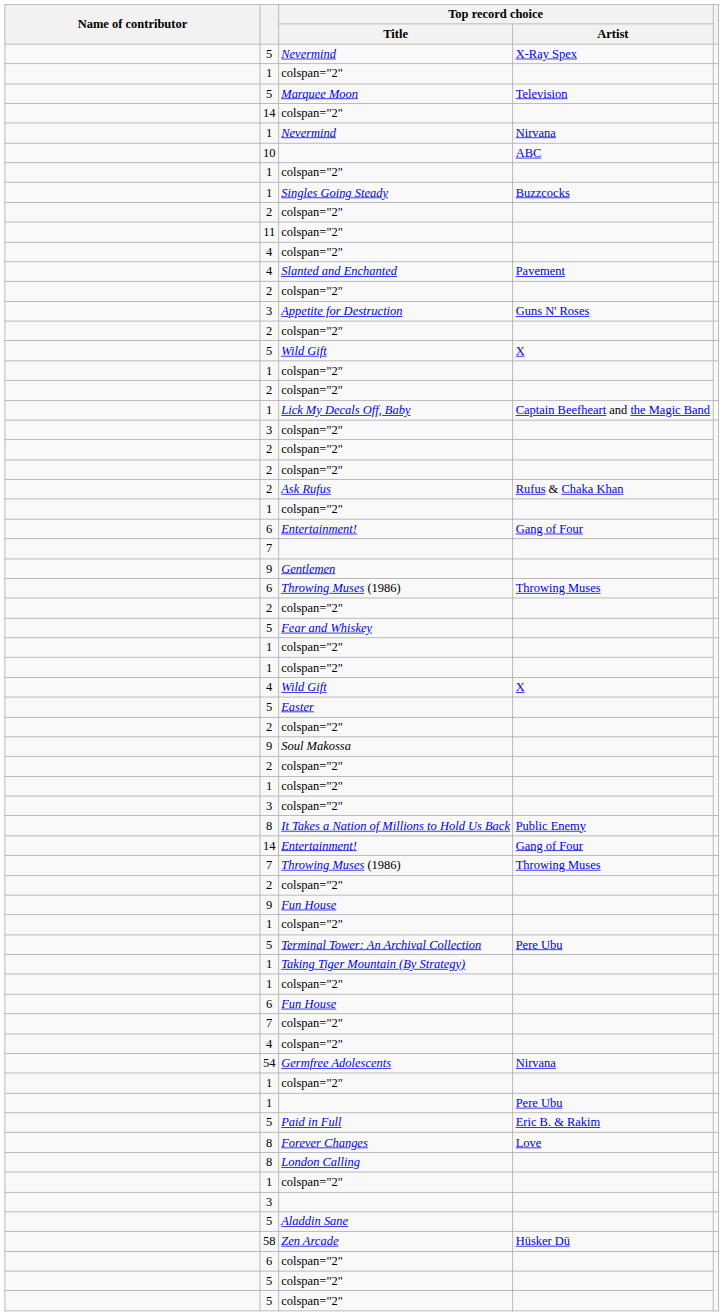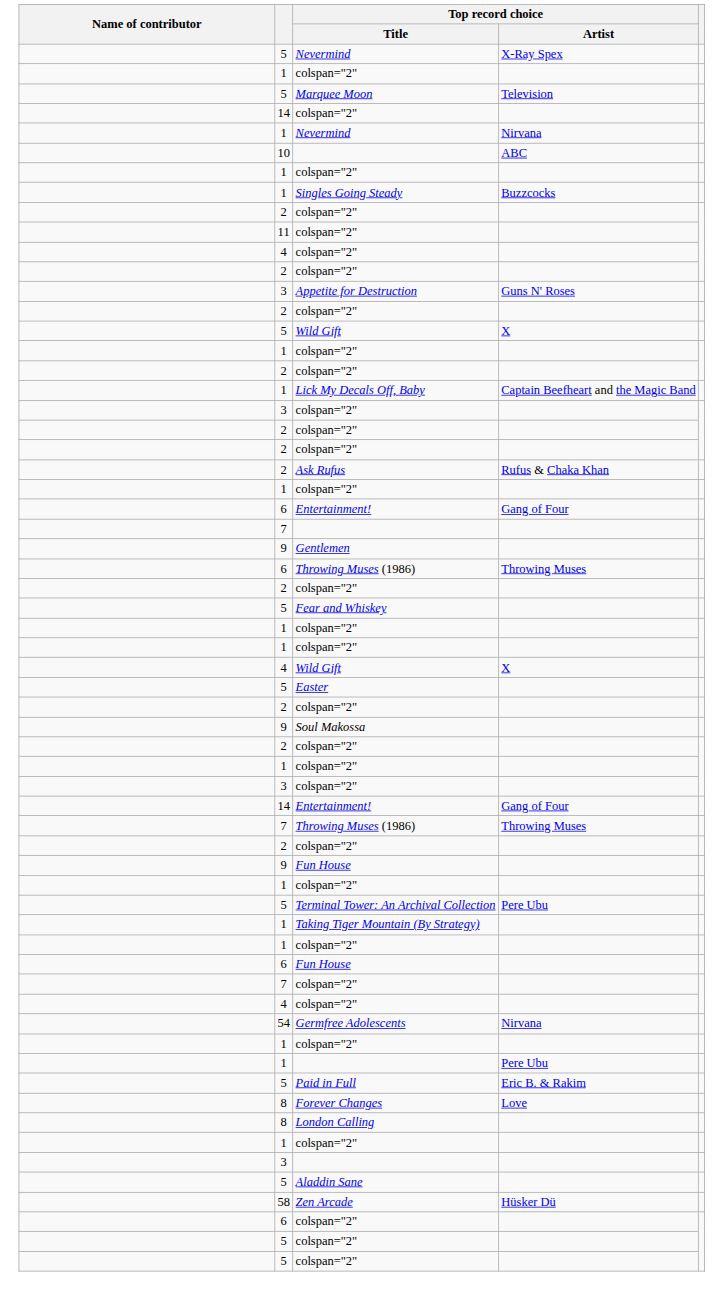 <table class="wikitable sortable mw-collapsible" style="border-spacing: 0; margin: 1em auto;">
 <tr>
 <th scope="col" rowspan="2" style="width:20em;">Name of contributor</th>
 <th scope="col" rowspan="2"></th>
 <th scope="col" class="unsortable" colspan="2">Top record choice</th>
 <th scope="col" class="unsortable" rowspan="2"></th>
 </tr>
 <tr>
 <th scope="col">Title</th>
 <th scope="col">Artist</th>
 </tr>
 <tr>
 <td></td>
 <td align="center">5</td>
 <td><em><a href='#'>Nevermind</a></em></td>
 <td><a href='#'>X-Ray Spex</a></td>
 <td align="center"></td>
 </tr>
 <tr>
 <td></td>
 <td align="center">1</td>
 <td>colspan="2" </td>
 <td align="center"></td>
 </tr>
 <tr>
 <td></td>
 <td align="center">5</td>
 <td><em><a href='#'>Marquee Moon</a></em></td>
 <td><a href='#'>Television</a></td>
 <td align="center"></td>
 </tr>
 <tr>
 <td></td>
 <td align="center">14</td>
 <td>colspan="2" </td>
 <td align="center"></td>
 </tr>
 <tr>
 <td></td>
 <td align="center">1</td>
 <td><em><a href='#'>Nevermind</a></em></td>
 <td><a href='#'>Nirvana</a></td>
 <td align="center"></td>
 </tr>
 <tr>
 <td></td>
 <td align="center">10</td>
 <td><em></em></td>
 <td><a href='#'>ABC</a></td>
 <td align="center"></td>
 </tr>
 <tr>
 <td></td>
 <td align="center">1</td>
 <td>colspan="2" </td>
 <td align="center"></td>
 </tr>
 <tr>
 <td></td>
 <td align="center">1</td>
 <td><em><a href='#'>Singles Going Steady</a></em></td>
 <td><a href='#'>Buzzcocks</a></td>
 <td align="center"></td>
 </tr>
 <tr>
 <td></td>
 <td align="center">2</td>
 <td>colspan="2" </td>
 <td align="center"></td>
 </tr>
 <tr>
 <td></td>
 <td align="center">11</td>
 <td>colspan="2" </td>
 <td align="center"></td>
 </tr>
 <tr>
 <td></td>
 <td align="center">4</td>
 <td>colspan="2" </td>
-<td align="center"></td>
-</tr>
-<tr>
-<td></td>
-<td align="center">4</td>
-<td><em><a href='#'>Slanted and Enchanted</a></em></td>
-<td><a href='#'>Pavement</a></td>
 <td align="center"></td>
 </tr>
 <tr>
 <td></td>
 <td align="center">2</td>
 <td>colspan="2" </td>
 <td align="center"></td>
 </tr>
 <tr>
 <td></td>
 <td align="center">3</td>
 <td><em><a href='#'>Appetite for Destruction</a></em></td>
 <td><a href='#'>Guns N' Roses</a></td>
 <td align="center"></td>
 </tr>
 <tr>
 <td></td>
 <td align="center">2</td>
 <td>colspan="2" </td>
 <td align="center"></td>
 </tr>
 <tr>
 <td></td>
 <td align="center">5</td>
 <td><em><a href='#'>Wild Gift</a></em></td>
 <td><a href='#'>X</a></td>
 <td align="center"></td>
 </tr>
 <tr>
 <td></td>
 <td align="center">1</td>
 <td>colspan="2" </td>
 <td align="center"></td>
 </tr>
 <tr>
 <td></td>
 <td align="center">2</td>
 <td>colspan="2" </td>
 <td align="center"></td>
 </tr>
 <tr>
 <td></td>
 <td align="center">1</td>
 <td><em><a href='#'>Lick My Decals Off, Baby</a></em></td>
 <td><a href='#'>Captain Beefheart</a> and <a href='#'>the Magic Band</a></td>
 <td align="center"></td>
 </tr>
 <tr>
 <td></td>
 <td align="center">3</td>
 <td>colspan="2" </td>
 <td align="center"></td>
 </tr>
 <tr>
 <td></td>
 <td align="center">2</td>
 <td>colspan="2" </td>
 <td align="center"></td>
 </tr>
 <tr>
 <td></td>
 <td align="center">2</td>
 <td>colspan="2" </td>
 <td align="center"></td>
 </tr>
 <tr>
 <td></td>
 <td align="center">2</td>
 <td><em><a href='#'>Ask Rufus</a></em></td>
 <td><a href='#'>Rufus</a> & <a href='#'>Chaka Khan</a></td>
 <td align="center"></td>
 </tr>
 <tr>
 <td></td>
 <td align="center">1</td>
 <td>colspan="2" </td>
 <td align="center"></td>
 </tr>
 <tr>
 <td></td>
 <td align="center">6</td>
 <td><em><a href='#'>Entertainment!</a></em></td>
 <td><a href='#'>Gang of Four</a></td>
 <td align="center"></td>
 </tr>
 <tr>
 <td></td>
 <td align="center">7</td>
 <td><em></em></td>
 <td></td>
 <td align="center"></td>
 </tr>
 <tr>
 <td></td>
 <td align="center">9</td>
 <td><em><a href='#'>Gentlemen</a></em></td>
 <td></td>
 <td align="center"></td>
 </tr>
 <tr>
 <td></td>
 <td align="center">6</td>
 <td><em><a href='#'>Throwing Muses</a></em> (1986)</td>
 <td><a href='#'>Throwing Muses</a></td>
 <td align="center"></td>
 </tr>
 <tr>
 <td></td>
 <td align="center">2</td>
 <td>colspan="2" </td>
 <td align="center"></td>
 </tr>
 <tr>
 <td></td>
 <td align="center">5</td>
 <td><em><a href='#'>Fear and Whiskey</a></em></td>
 <td></td>
 <td align="center"></td>
 </tr>
 <tr>
 <td></td>
 <td align="center">1</td>
 <td>colspan="2" </td>
 <td align="center"></td>
 </tr>
 <tr>
 <td></td>
 <td align="center">1</td>
 <td>colspan="2" </td>
 <td align="center"></td>
 </tr>
 <tr>
 <td></td>
 <td align="center">4</td>
 <td><em><a href='#'>Wild Gift</a></em></td>
 <td><a href='#'>X</a></td>
 <td align="center"></td>
 </tr>
 <tr>
 <td></td>
 <td align="center">5</td>
 <td><em><a href='#'>Easter</a></em></td>
 <td></td>
 <td align="center"></td>
 </tr>
 <tr>
 <td></td>
 <td align="center">2</td>
 <td>colspan="2" </td>
 <td align="center"></td>
 </tr>
 <tr>
 <td></td>
 <td align="center">9</td>
 <td><em>Soul Makossa</em></td>
 <td></td>
 <td align="center"></td>
 </tr>
 <tr>
 <td></td>
 <td align="center">2</td>
 <td>colspan="2" </td>
 <td align="center"></td>
 </tr>
 <tr>
 <td></td>
 <td align="center">1</td>
 <td>colspan="2" </td>
 <td align="center"></td>
 </tr>
 <tr>
 <td></td>
 <td align="center">3</td>
 <td>colspan="2" </td>
 <td align="center"></td>
 </tr>
 <tr>
 <td></td>
-<td align="center">8</td>
-<td><em><a href='#'>It Takes a Nation of Millions to Hold Us Back</a></em></td>
-<td><a href='#'>Public Enemy</a></td>
-<td align="center"></td>
-</tr>
-<tr>
-<td></td>
 <td align="center">14</td>
 <td><em><a href='#'>Entertainment!</a></em></td>
 <td><a href='#'>Gang of Four</a></td>
 <td align="center"></td>
 </tr>
 <tr>
 <td></td>
 <td align="center">7</td>
 <td><em><a href='#'>Throwing Muses</a></em> (1986)</td>
 <td><a href='#'>Throwing Muses</a></td>
 <td align="center"></td>
 </tr>
 <tr>
 <td></td>
 <td align="center">2</td>
 <td>colspan="2" </td>
 <td align="center"></td>
 </tr>
 <tr>
 <td></td>
 <td align="center">9</td>
 <td><em><a href='#'>Fun House</a></em></td>
 <td></td>
 <td align="center"></td>
 </tr>
 <tr>
 <td></td>
 <td align="center">1</td>
 <td>colspan="2" </td>
 <td align="center"></td>
 </tr>
 <tr>
 <td></td>
 <td align="center">5</td>
 <td><em><a href='#'>Terminal Tower: An Archival Collection</a></em></td>
 <td><a href='#'>Pere Ubu</a></td>
 <td align="center"></td>
 </tr>
 <tr>
 <td></td>
 <td align="center">1</td>
 <td><em><a href='#'>Taking Tiger Mountain (By Strategy)</a></em></td>
 <td></td>
 <td align="center"></td>
 </tr>
 <tr>
 <td></td>
 <td align="center">1</td>
 <td>colspan="2" </td>
 <td align="center"></td>
 </tr>
 <tr>
 <td></td>
 <td align="center">6</td>
 <td><em><a href='#'>Fun House</a></em></td>
 <td></td>
 <td align="center"></td>
 </tr>
 <tr>
 <td></td>
 <td align="center">7</td>
 <td>colspan="2" </td>
 <td align="center"></td>
 </tr>
 <tr>
 <td></td>
 <td align="center">4</td>
 <td>colspan="2" </td>
 <td align="center"></td>
 </tr>
 <tr>
 <td></td>
 <td align="center">54</td>
 <td><em><a href='#'>Germfree Adolescents</a></em></td>
 <td><a href='#'>Nirvana</a></td>
 <td align="center"></td>
 </tr>
 <tr>
 <td></td>
 <td align="center">1</td>
 <td>colspan="2" </td>
 <td align="center"></td>
 </tr>
 <tr>
 <td></td>
 <td align="center">1</td>
 <td><em></em></td>
 <td><a href='#'>Pere Ubu</a></td>
 <td align="center"></td>
 </tr>
 <tr>
 <td></td>
 <td align="center">5</td>
 <td><em><a href='#'>Paid in Full</a></em></td>
 <td><a href='#'>Eric B. & Rakim</a></td>
 <td align="center"></td>
 </tr>
 <tr>
 <td></td>
 <td align="center">8</td>
 <td><em><a href='#'>Forever Changes</a></em></td>
 <td><a href='#'>Love</a></td>
 <td align="center"></td>
 </tr>
 <tr>
 <td></td>
 <td align="center">8</td>
 <td><em><a href='#'>London Calling</a></em></td>
 <td></td>
 <td align="center"></td>
 </tr>
 <tr>
 <td></td>
 <td align="center">1</td>
 <td>colspan="2" </td>
 <td align="center"></td>
 </tr>
 <tr>
 <td></td>
 <td align="center">3</td>
 <td><em></em></td>
 <td></td>
 <td align="center"></td>
 </tr>
 <tr>
 <td></td>
 <td align="center">5</td>
 <td><em><a href='#'>Aladdin Sane</a></em></td>
 <td></td>
 <td align="center"></td>
 </tr>
 <tr>
 <td></td>
 <td align="center">58</td>
 <td><em><a href='#'>Zen Arcade</a></em></td>
 <td><a href='#'>Hüsker Dü</a></td>
 <td align="center"></td>
 </tr>
 <tr>
 <td></td>
 <td align="center">6</td>
 <td>colspan="2" </td>
 <td align="center"></td>
 </tr>
 <tr>
 <td></td>
 <td align="center">5</td>
 <td>colspan="2" </td>
 <td align="center"></td>
 </tr>
 <tr>
 <td></td>
 <td align="center">5</td>
 <td>colspan="2" </td>
 <td align="center"></td>
 </tr>
 </table>
